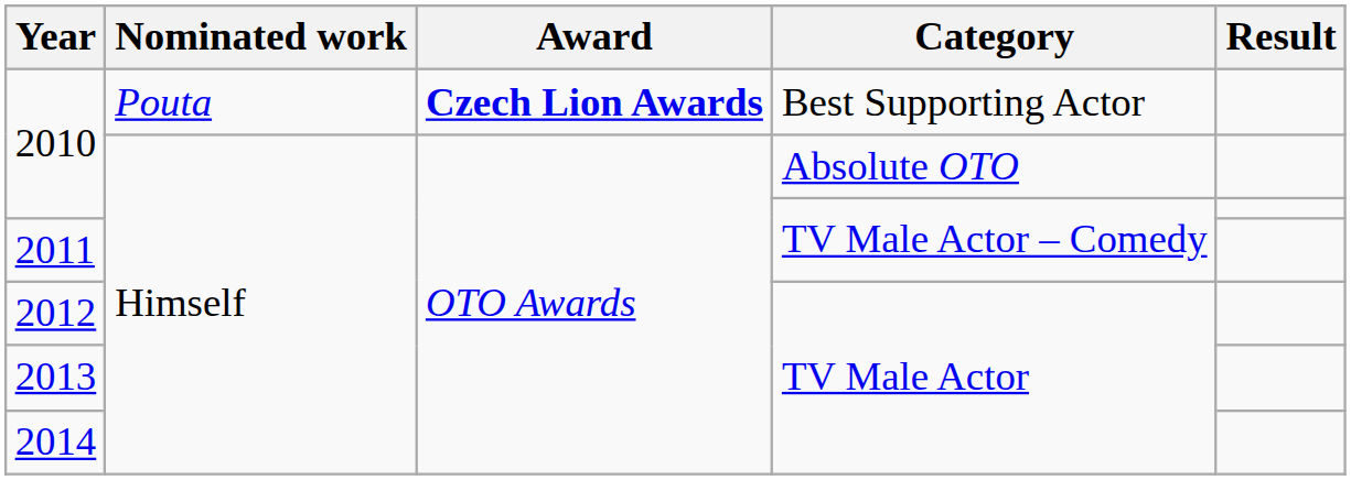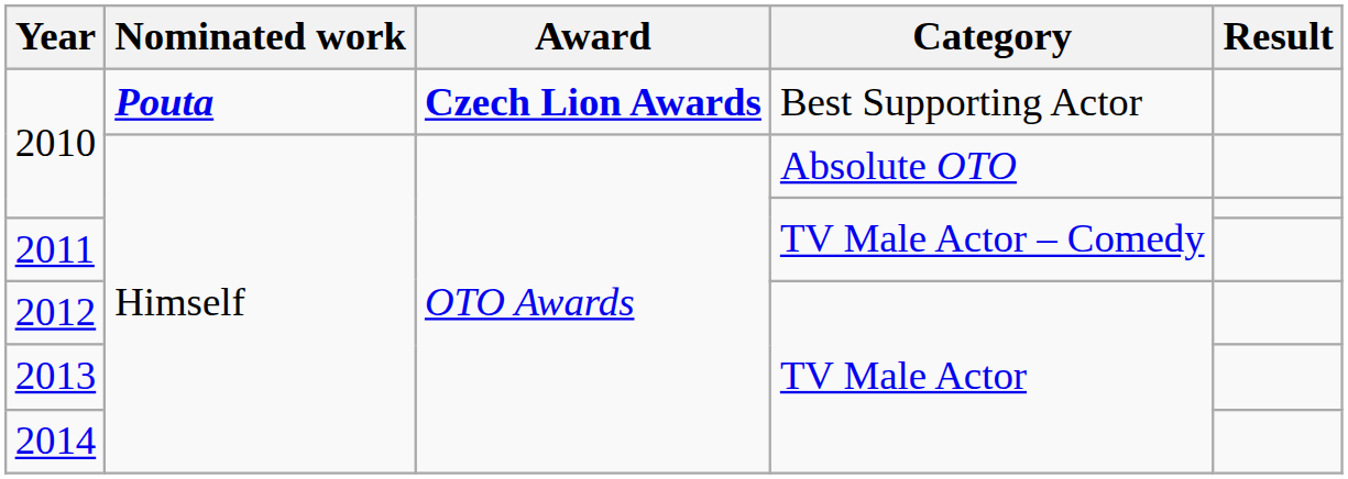 <table class="wikitable">
 <tr>
 <th>Year</th>
 <th>Nominated work</th>
 <th>Award</th>
 <th>Category</th>
 <th>Result</th>
 </tr>
 <tr>
 <td rowspan=3>2010</td>
-<td><em><a href='#'>Pouta</a></em></td>
+<td><strong><em><a href='#'>Pouta</a></em></strong></td>
 <td><strong><a href='#'>Czech Lion Awards</a></strong></td>
 <td>Best Supporting Actor</td>
 <td></td>
 </tr>
 <tr>
 <td rowspan=6>Himself</td>
 <td rowspan=6><em><a href='#'>OTO Awards</a></em></td>
 <td><a href='#'>Absolute <em>OTO</em></a></td>
 <td></td>
 </tr>
 <tr>
 <td rowspan=2><a href='#'>TV Male Actor – Comedy</a></td>
 <td></td>
 </tr>
 <tr>
 <td><a href='#'>2011</a></td>
 <td></td>
 </tr>
 <tr>
 <td><a href='#'>2012</a></td>
 <td rowspan=3><a href='#'>TV Male Actor</a></td>
 <td></td>
 </tr>
 <tr>
 <td><a href='#'>2013</a></td>
 <td></td>
 </tr>
 <tr>
 <td><a href='#'>2014</a></td>
 <td></td>
 </tr>
 </table>
